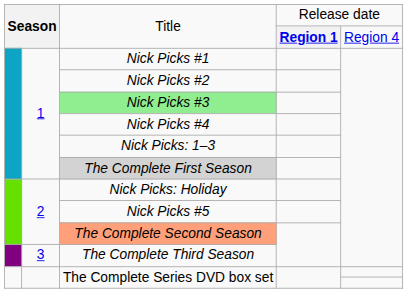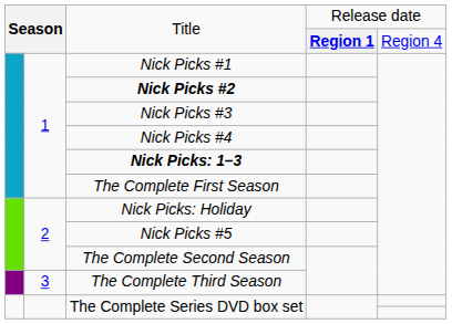 <table class="wikitable sortable" style="text-align: center">
 <tr>
 <th colspan=2 rowspan=2>Season</th>
 <td rowspan=2>Title</td>
 <td colspan=2>Release date</td>
 </tr>
 <tr>
 <th><a href='#'>Region 1</a></th>
 <td><a href='#'>Region 4</a></td>
 </tr>
 <tr>
 <th rowspan=6 style="background:#0EA4C5"></th>
 <td rowspan=6><a href='#'>1</a></td>
 <td><em>Nick Picks #1</em></td>
 <td></td>
 <td rowspan=10></td>
 </tr>
 <tr>
-<td><em>Nick Picks #2</em></td>
+<td><strong><em>Nick Picks #2</em></strong></td>
 <td></td>
 </tr>
 <tr>
-<td style="background: lightgreen;"><em>Nick Picks #3</em></td>
+<td><em>Nick Picks #3</em></td>
 <td></td>
 </tr>
 <tr>
 <td><em>Nick Picks #4</em></td>
 <td></td>
 </tr>
 <tr>
-<td><em>Nick Picks: 1–3</em></td>
+<td><strong><em>Nick Picks: 1–3</em></strong></td>
 <td></td>
 </tr>
 <tr>
-<td style="background: lightgrey;"><em>The Complete First Season</em></td>
+<td><em>The Complete First Season</em></td>
 <td></td>
 </tr>
 <tr>
 <th rowspan=3 style="background:#65E000"></th>
 <td rowspan=3><a href='#'>2</a></td>
 <td><em>Nick Picks: Holiday</em></td>
 <td></td>
 </tr>
 <tr>
 <td><em>Nick Picks #5</em></td>
 <td></td>
 </tr>
 <tr>
-<td style="background: lightsalmon;"><em>The Complete Second Season</em></td>
+<td><em>The Complete Second Season</em></td>
 <td rowspan=2></td>
 </tr>
 <tr>
 <th style="background:#81007F"></th>
 <td><a href='#'>3</a></td>
 <td><em>The Complete Third Season</em></td>
 </tr>
 <tr>
 <td rowspan=2></td>
 <td rowspan=2></td>
 <td rowspan=2>The Complete Series DVD box set</td>
 <td rowspan=2></td>
 <td></td>
 </tr>
 <tr>
 <td></td>
 </tr>
 </table>
